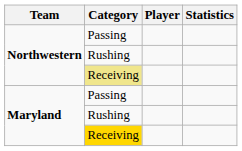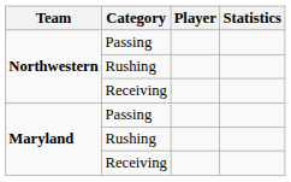 <table class="wikitable" style="float: right;">
 <tr>
 <th>Team</th>
 <th>Category</th>
 <th>Player</th>
 <th>Statistics</th>
 </tr>
 <tr>
 <td rowspan=3><strong>Northwestern</strong></td>
 <td>Passing</td>
 <td></td>
 <td></td>
 </tr>
 <tr>
 <td>Rushing</td>
 <td></td>
 <td></td>
 </tr>
 <tr>
-<td style="background: khaki;">Receiving</td>
+<td>Receiving</td>
 <td></td>
 <td></td>
 </tr>
 <tr>
 <td rowspan=3><strong>Maryland</strong></td>
 <td>Passing</td>
 <td></td>
 <td></td>
 </tr>
 <tr>
 <td>Rushing</td>
 <td></td>
 <td></td>
 </tr>
 <tr>
-<td style="background: gold;">Receiving</td>
+<td>Receiving</td>
 <td></td>
 <td></td>
 </tr>
 </table>
